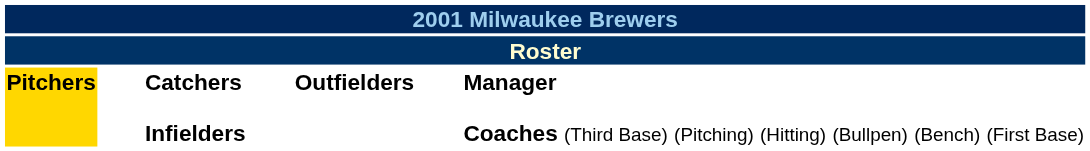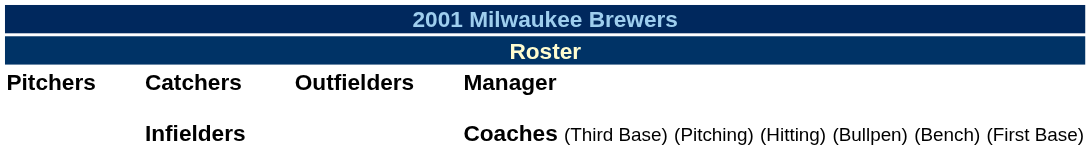 <table class="toccolours" style="font-size: 95%;">
 <tr>
 <th colspan="10" style="background-color: #00285D; color: #9ECEEE; text-align: center;">2001 Milwaukee Brewers</th>
 </tr>
 <tr>
 <td colspan="10" style="background-color: #003366; color: #FFFDD0; text-align: center;"><strong>Roster</strong></td>
 </tr>
 <tr>
-<td valign="top" style="background: gold;"><strong>Pitchers</strong><br>                      </td>
+<td valign="top"><strong>Pitchers</strong><br>                      </td>
 <td width="25px"></td>
 <td valign="top"><strong>Catchers</strong><br>   <br><strong>Infielders</strong>         </td>
 <td width="25px"></td>
 <td valign="top"><strong>Outfielders</strong><br>         </td>
 <td width="25px"></td>
 <td valign="top"><strong>Manager</strong><br><br><strong>Coaches</strong>  <small>(Third Base)</small>  <small>(Pitching)</small>  <small>(Hitting)</small>  <small>(Bullpen)</small>  <small>(Bench)</small>  <small>(First Base)</small></td>
 </tr>
 <tr>
 </tr>
 </table>
